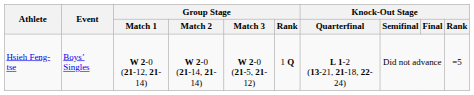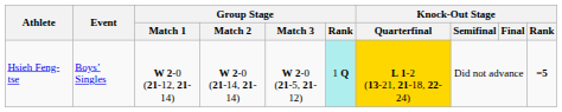 <table class="wikitable" width="85%" style="text-align:left; font-size:90%">
 <tr>
 <th rowspan=2>Athlete</th>
 <th rowspan=2>Event</th>
 <th colspan=4>Group Stage</th>
 <th colspan=4>Knock-Out Stage</th>
 </tr>
 <tr>
 <th>Match 1</th>
 <th>Match 2</th>
 <th>Match 3</th>
 <th>Rank</th>
 <th>Quarterfinal</th>
 <th>Semifinal</th>
 <th>Final</th>
 <th>Rank</th>
 </tr>
 <tr>
 <td><a href='#'>Hsieh Feng-tse</a></td>
 <td><a href='#'>Boys’ Singles</a></td>
 <td align=center> <br><br><strong>W</strong> <strong>2</strong>-0 <br> (<strong>21</strong>-12, <strong>21</strong>-14)</td>
 <td align=center> <br><br><strong>W</strong> <strong>2</strong>-0 <br> (<strong>21</strong>-14, <strong>21</strong>-14)</td>
 <td align=center> <br><br><strong>W</strong> <strong>2</strong>-0 <br> (<strong>21</strong>-5, <strong>21</strong>-12)</td>
-<td align=center>1 <strong>Q</strong></td>
-<td align=center> <br><br><strong>L</strong> <strong>1</strong>-2 <br> (<strong>13</strong>-21, <strong>21</strong>-18, <strong>22</strong>-24)</td>
+<td align=center style="background: paleturquoise;">1 <strong>Q</strong></td>
+<td align=center style="background: gold;"> <br><br><strong>L</strong> <strong>1</strong>-2 <br> (<strong>13</strong>-21, <strong>21</strong>-18, <strong>22</strong>-24)</td>
 <td colspan="2" align=center>Did not advance</td>
-<td align=center>=5</td>
+<td align=center><strong>=5</strong></td>
 </tr>
 </table>
